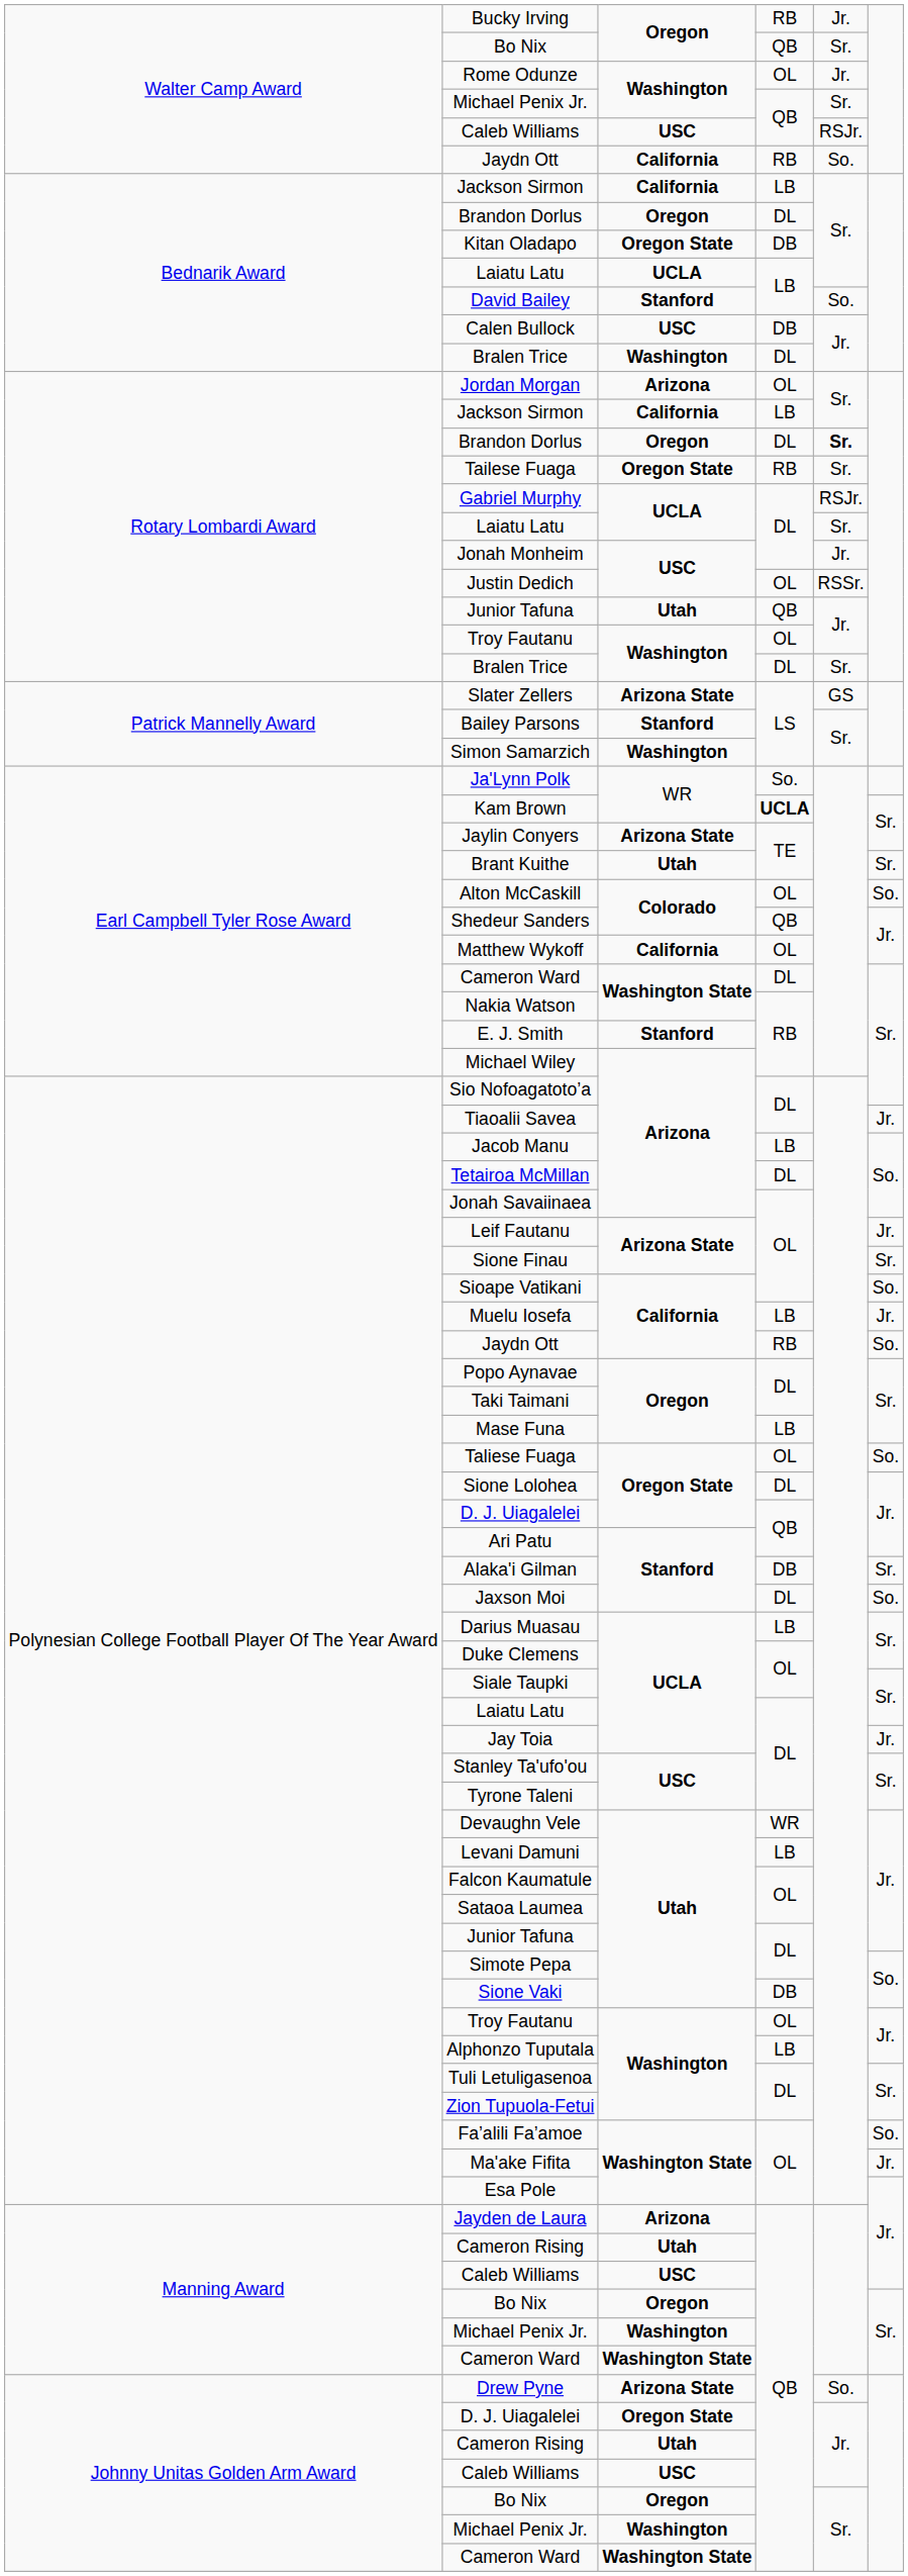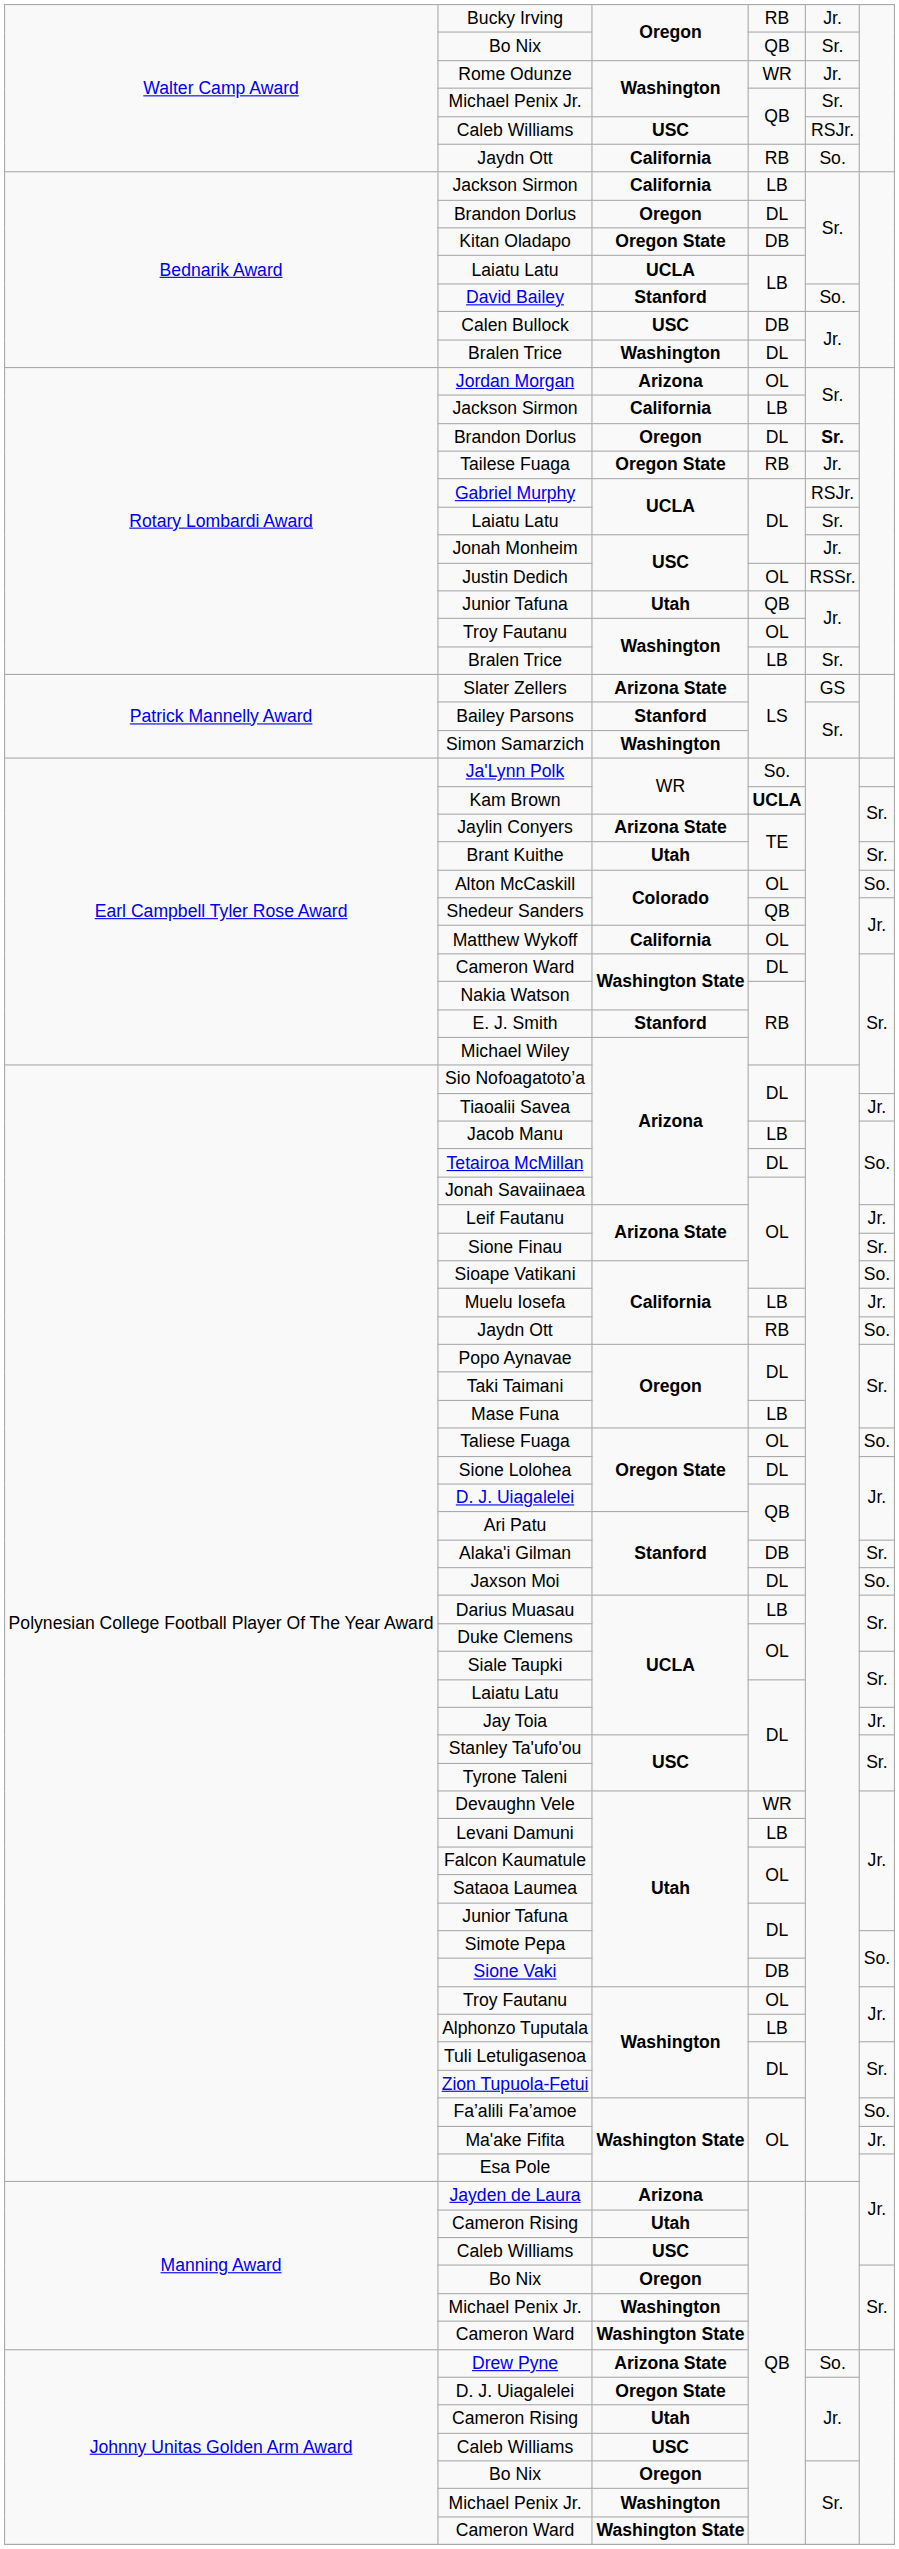 <table class="wikitable" style="text-align:center;">
 <tr>
 <td rowspan=6><a href='#'>Walter Camp Award</a></td>
 <td>Bucky Irving</td>
 <td rowspan=2><strong>Oregon</strong></td>
 <td>RB</td>
 <td>Jr.</td>
 <td rowspan=6></td>
 </tr>
 <tr>
 <td>Bo Nix</td>
 <td>QB</td>
 <td>Sr.</td>
 </tr>
 <tr>
 <td>Rome Odunze</td>
 <td rowspan=2><strong>Washington</strong></td>
-<td>OL</td>
+<td>WR</td>
 <td>Jr.</td>
 </tr>
 <tr>
 <td>Michael Penix Jr.</td>
 <td rowspan=2>QB</td>
 <td>Sr.</td>
 </tr>
 <tr>
 <td>Caleb Williams</td>
 <td><strong>USC</strong></td>
 <td>RSJr.</td>
 </tr>
 <tr>
 <td>Jaydn Ott</td>
 <td><strong>California</strong></td>
 <td>RB</td>
 <td>So.</td>
 </tr>
 <tr>
 <td rowspan=7><a href='#'>Bednarik Award</a></td>
 <td>Jackson Sirmon</td>
 <td><strong>California</strong></td>
 <td>LB</td>
 <td rowspan=4>Sr.</td>
 <td rowspan=7></td>
 </tr>
 <tr>
 <td>Brandon Dorlus</td>
 <td><strong>Oregon</strong></td>
 <td>DL</td>
 </tr>
 <tr>
 <td>Kitan Oladapo</td>
 <td><strong>Oregon State</strong></td>
 <td>DB</td>
 </tr>
 <tr>
 <td>Laiatu Latu</td>
 <td><strong>UCLA</strong></td>
 <td rowspan=2>LB</td>
 </tr>
 <tr>
 <td><a href='#'>David Bailey</a></td>
 <td><strong>Stanford</strong></td>
 <td>So.</td>
 </tr>
 <tr>
 <td>Calen Bullock</td>
 <td><strong>USC</strong></td>
 <td>DB</td>
 <td rowspan=2>Jr.</td>
 </tr>
 <tr>
 <td>Bralen Trice</td>
 <td><strong>Washington</strong></td>
 <td>DL</td>
 </tr>
 <tr>
 <td rowspan=11><a href='#'>Rotary Lombardi Award</a></td>
 <td><a href='#'>Jordan Morgan</a></td>
 <td><strong>Arizona</strong></td>
 <td>OL</td>
 <td rowspan=2>Sr.</td>
 <td rowspan=11></td>
 </tr>
 <tr>
 <td>Jackson Sirmon</td>
 <td><strong>California</strong></td>
 <td>LB</td>
 </tr>
 <tr>
 <td>Brandon Dorlus</td>
 <td><strong>Oregon</strong></td>
 <td>DL</td>
 <td><strong>Sr.</strong></td>
 </tr>
 <tr>
 <td>Tailese Fuaga</td>
 <td><strong>Oregon State</strong></td>
 <td>RB</td>
-<td>Sr.</td>
+<td>Jr.</td>
 </tr>
 <tr>
 <td><a href='#'>Gabriel Murphy</a></td>
 <td rowspan=2><strong>UCLA</strong></td>
 <td rowspan=3>DL</td>
 <td>RSJr.</td>
 </tr>
 <tr>
 <td>Laiatu Latu</td>
 <td>Sr.</td>
 </tr>
 <tr>
 <td>Jonah Monheim</td>
 <td rowspan=2><strong>USC</strong></td>
 <td>Jr.</td>
 </tr>
 <tr>
 <td>Justin Dedich</td>
 <td>OL</td>
 <td>RSSr.</td>
 </tr>
 <tr>
 <td>Junior Tafuna</td>
 <td><strong>Utah</strong></td>
 <td>QB</td>
 <td rowspan=2>Jr.</td>
 </tr>
 <tr>
 <td>Troy Fautanu</td>
 <td rowspan=2><strong>Washington</strong></td>
 <td>OL</td>
 </tr>
 <tr>
 <td>Bralen Trice</td>
-<td>DL</td>
+<td>LB</td>
 <td>Sr.</td>
 </tr>
 <tr>
 <td rowspan=3><a href='#'>Patrick Mannelly Award</a></td>
 <td>Slater Zellers</td>
 <td><strong>Arizona State</strong></td>
 <td rowspan=3>LS</td>
 <td>GS</td>
 <td rowspan=3></td>
 </tr>
 <tr>
 <td>Bailey Parsons</td>
 <td><strong>Stanford</strong></td>
 <td rowspan=2>Sr.</td>
 </tr>
 <tr>
 <td>Simon Samarzich</td>
 <td><strong>Washington</strong></td>
 </tr>
 <tr>
 <td rowspan=11><a href='#'>Earl Campbell Tyler Rose Award</a></td>
 <td><a href='#'>Ja'Lynn Polk</a></td>
 <td rowspan=2>WR</td>
 <td>So.</td>
 <td rowspan=11></td>
 </tr>
 <tr>
 <td>Kam Brown</td>
 <td><strong>UCLA</strong></td>
 <td rowspan=2>Sr.</td>
 </tr>
 <tr>
 <td>Jaylin Conyers</td>
 <td><strong>Arizona State</strong></td>
 <td rowspan=2>TE</td>
 </tr>
 <tr>
 <td>Brant Kuithe</td>
 <td><strong>Utah</strong></td>
 <td> Sr.</td>
 </tr>
 <tr>
 <td>Alton McCaskill</td>
 <td rowspan=2><strong>Colorado</strong></td>
 <td>OL</td>
 <td>So.</td>
 </tr>
 <tr>
 <td>Shedeur Sanders</td>
 <td>QB</td>
 <td rowspan=2>Jr.</td>
 </tr>
 <tr>
 <td>Matthew Wykoff</td>
 <td><strong>California</strong></td>
 <td>OL</td>
 </tr>
 <tr>
 <td>Cameron Ward</td>
 <td rowspan=2><strong>Washington State</strong></td>
 <td>DL</td>
 <td rowspan=5>Sr.</td>
 </tr>
 <tr>
 <td>Nakia Watson</td>
 <td rowspan=3>RB</td>
 </tr>
 <tr>
 <td>E. J. Smith</td>
 <td><strong>Stanford</strong></td>
 </tr>
 <tr>
 <td>Michael Wiley</td>
 <td rowspan=6><strong>Arizona</strong></td>
 </tr>
 <tr>
 <td rowspan=40>Polynesian College Football Player Of The Year Award</td>
 <td>Sio Nofoagatoto’a</td>
 <td rowspan=2>DL</td>
 <td rowspan=40></td>
 </tr>
 <tr>
 <td>Tiaoalii Savea</td>
 <td>Jr.</td>
 </tr>
 <tr>
 <td>Jacob Manu</td>
 <td>LB</td>
 <td rowspan=3>So.</td>
 </tr>
 <tr>
 <td><a href='#'>Tetairoa McMillan</a></td>
 <td>DL</td>
 </tr>
 <tr>
 <td>Jonah Savaiinaea</td>
 <td rowspan=4>OL</td>
 </tr>
 <tr>
 <td>Leif Fautanu</td>
 <td rowspan=2><strong>Arizona State</strong></td>
 <td> Jr.</td>
 </tr>
 <tr>
 <td>Sione Finau</td>
 <td> Sr.</td>
 </tr>
 <tr>
 <td>Sioape Vatikani</td>
 <td rowspan=3><strong>California</strong></td>
 <td>So.</td>
 </tr>
 <tr>
 <td>Muelu Iosefa</td>
 <td>LB</td>
 <td>Jr.</td>
 </tr>
 <tr>
 <td>Jaydn Ott</td>
 <td>RB</td>
 <td>So.</td>
 </tr>
 <tr>
 <td>Popo Aynavae</td>
 <td rowspan=3><strong>Oregon</strong></td>
 <td rowspan=2>DL</td>
 <td rowspan=3>Sr.</td>
 </tr>
 <tr>
 <td>Taki Taimani</td>
 </tr>
 <tr>
 <td>Mase Funa</td>
 <td>LB</td>
 </tr>
 <tr>
 <td>Taliese Fuaga</td>
 <td rowspan=3><strong>Oregon State</strong></td>
 <td>OL</td>
 <td>So.</td>
 </tr>
 <tr>
 <td>Sione Lolohea</td>
 <td>DL</td>
 <td rowspan=3>Jr.</td>
 </tr>
 <tr>
 <td><a href='#'>D. J. Uiagalelei</a></td>
 <td rowspan=2>QB</td>
 </tr>
 <tr>
 <td>Ari Patu</td>
 <td rowspan=3><strong>Stanford</strong></td>
 </tr>
 <tr>
 <td>Alaka'i Gilman</td>
 <td>DB</td>
 <td>Sr.</td>
 </tr>
 <tr>
 <td>Jaxson Moi</td>
 <td>DL</td>
 <td>So.</td>
 </tr>
 <tr>
 <td>Darius Muasau</td>
 <td rowspan=5><strong>UCLA</strong></td>
 <td>LB</td>
 <td rowspan=2> Sr.</td>
 </tr>
 <tr>
 <td>Duke Clemens</td>
 <td rowspan=2>OL</td>
 </tr>
 <tr>
 <td>Siale Taupki</td>
 <td rowspan=2>Sr.</td>
 </tr>
 <tr>
 <td>Laiatu Latu</td>
 <td rowspan=4>DL</td>
 </tr>
 <tr>
 <td>Jay Toia</td>
 <td>Jr.</td>
 </tr>
 <tr>
 <td>Stanley Ta'ufo'ou</td>
 <td rowspan=2><strong>USC</strong></td>
 <td rowspan=2> Sr.</td>
 </tr>
 <tr>
 <td>Tyrone Taleni</td>
 </tr>
 <tr>
 <td>Devaughn Vele</td>
 <td rowspan=7><strong>Utah</strong></td>
 <td>WR</td>
 <td rowspan=5>Jr.</td>
 </tr>
 <tr>
 <td>Levani Damuni</td>
 <td>LB</td>
 </tr>
 <tr>
 <td>Falcon Kaumatule</td>
 <td rowspan=2>OL</td>
 </tr>
 <tr>
 <td>Sataoa Laumea</td>
 </tr>
 <tr>
 <td>Junior Tafuna</td>
 <td rowspan=2>DL</td>
 </tr>
 <tr>
 <td>Simote Pepa</td>
 <td rowspan=2>So.</td>
 </tr>
 <tr>
 <td><a href='#'>Sione Vaki</a></td>
 <td>DB</td>
 </tr>
 <tr>
 <td>Troy Fautanu</td>
 <td rowspan=4><strong>Washington</strong></td>
 <td>OL</td>
 <td rowspan=2>Jr.</td>
 </tr>
 <tr>
 <td>Alphonzo Tuputala</td>
 <td>LB</td>
 </tr>
 <tr>
 <td>Tuli Letuligasenoa</td>
 <td rowspan=2>DL</td>
 <td rowspan=2>Sr.</td>
 </tr>
 <tr>
 <td><a href='#'>Zion Tupuola-Fetui</a></td>
 </tr>
 <tr>
 <td>Fa’alili Fa’amoe</td>
 <td rowspan=3><strong>Washington State</strong></td>
 <td rowspan=3>OL</td>
 <td> So.</td>
 </tr>
 <tr>
 <td>Ma'ake Fifita</td>
 <td> Jr.</td>
 </tr>
 <tr>
 <td>Esa Pole</td>
 <td rowspan=4>Jr.</td>
 </tr>
 <tr>
 <td rowspan=6><a href='#'>Manning Award</a></td>
 <td><a href='#'>Jayden de Laura</a></td>
 <td><strong>Arizona</strong></td>
 <td rowspan=13>QB</td>
 <td rowspan=6></td>
 </tr>
 <tr>
 <td>Cameron Rising</td>
 <td><strong>Utah</strong></td>
 </tr>
 <tr>
 <td>Caleb Williams</td>
 <td><strong>USC</strong></td>
 </tr>
 <tr>
 <td>Bo Nix</td>
 <td><strong>Oregon</strong></td>
 <td rowspan=3>Sr.</td>
 </tr>
 <tr>
 <td>Michael Penix Jr.</td>
 <td><strong>Washington</strong></td>
 </tr>
 <tr>
 <td>Cameron Ward</td>
 <td><strong>Washington State</strong></td>
 </tr>
 <tr>
 <td rowspan=7><a href='#'>Johnny Unitas Golden Arm Award</a></td>
 <td><a href='#'>Drew Pyne</a></td>
 <td><strong>Arizona State</strong></td>
 <td>So.</td>
 <td rowspan=7></td>
 </tr>
 <tr>
 <td>D. J. Uiagalelei</td>
 <td><strong>Oregon State</strong></td>
 <td rowspan=3>Jr.</td>
 </tr>
 <tr>
 <td>Cameron Rising</td>
 <td><strong>Utah</strong></td>
 </tr>
 <tr>
 <td>Caleb Williams</td>
 <td><strong>USC</strong></td>
 </tr>
 <tr>
 <td>Bo Nix</td>
 <td><strong>Oregon</strong></td>
 <td rowspan=3>Sr.</td>
 </tr>
 <tr>
 <td>Michael Penix Jr.</td>
 <td><strong>Washington</strong></td>
 </tr>
 <tr>
 <td>Cameron Ward</td>
 <td><strong>Washington State</strong></td>
 </tr>
 <tr>
 </tr>
 </table>
